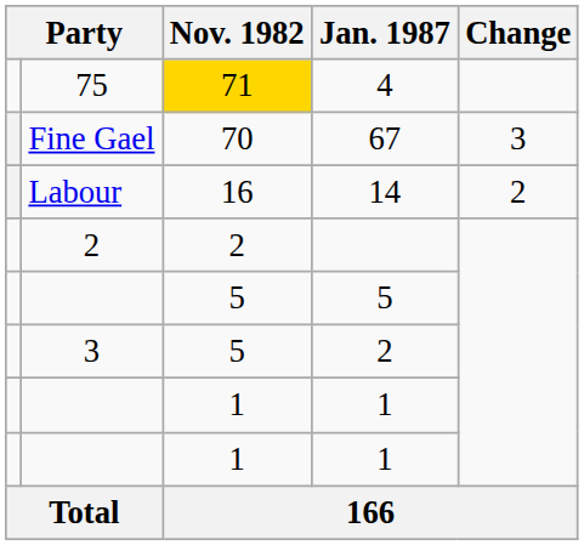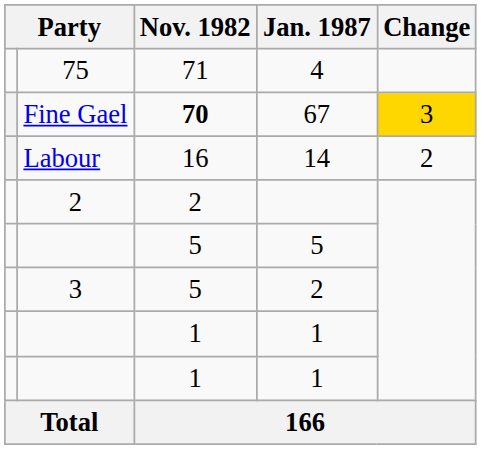 <table class="wikitable sortable" style="font-size: 95%;">
 <tr>
 <th colspan=2>Party</th>
 <th>Nov. 1982</th>
 <th>Jan. 1987</th>
 <th class="unsortable">Change</th>
 </tr>
 <tr>
 <td></td>
 <td align="center">75</td>
-<td align="center" style="background: gold;">71</td>
+<td align="center">71</td>
 <td align="center"> 4</td>
 </tr>
 <tr>
 <th style="background-color: "></th>
 <td><a href='#'>Fine Gael</a></td>
-<td align="center">70</td>
+<td align="center"><strong>70</strong></td>
 <td align="center">67</td>
-<td align="center"> 3</td>
+<td align="center" style="background: gold;"> 3</td>
 </tr>
 <tr>
 <th style="background-color: "></th>
 <td><a href='#'>Labour</a></td>
 <td align="center">16</td>
 <td align="center">14</td>
 <td align="center"> 2</td>
 </tr>
 <tr>
 <td></td>
 <td align="center">2</td>
 <td align="center">2</td>
 <td align="center"></td>
 </tr>
 <tr>
 <td></td>
 <td></td>
 <td align="center">5</td>
 <td align="center"> 5</td>
 </tr>
 <tr>
 <td></td>
 <td align="center">3</td>
 <td align="center">5</td>
 <td align="center"> 2</td>
 </tr>
 <tr>
 <td></td>
 <td></td>
 <td align="center">1</td>
 <td align="center"> 1</td>
 </tr>
 <tr>
 <td></td>
 <td></td>
 <td align="center">1</td>
 <td align="center"> 1</td>
 </tr>
 <tr>
 <th colspan="2">Total</th>
 <th colspan="3" align="center">166</th>
 </tr>
 </table>
